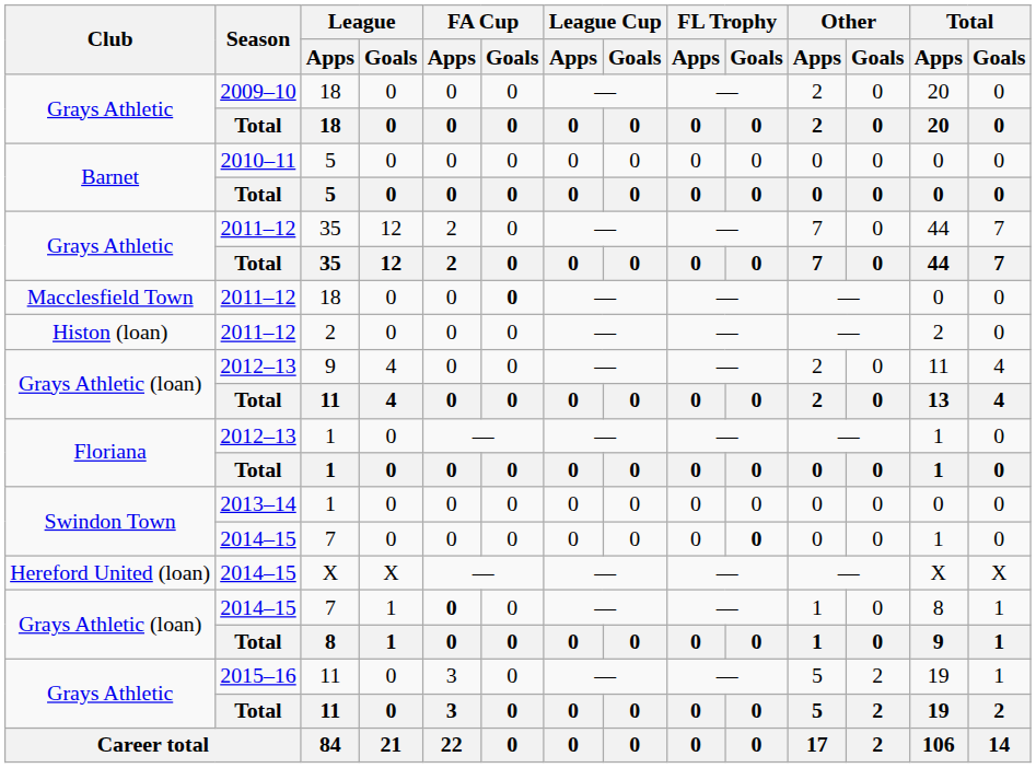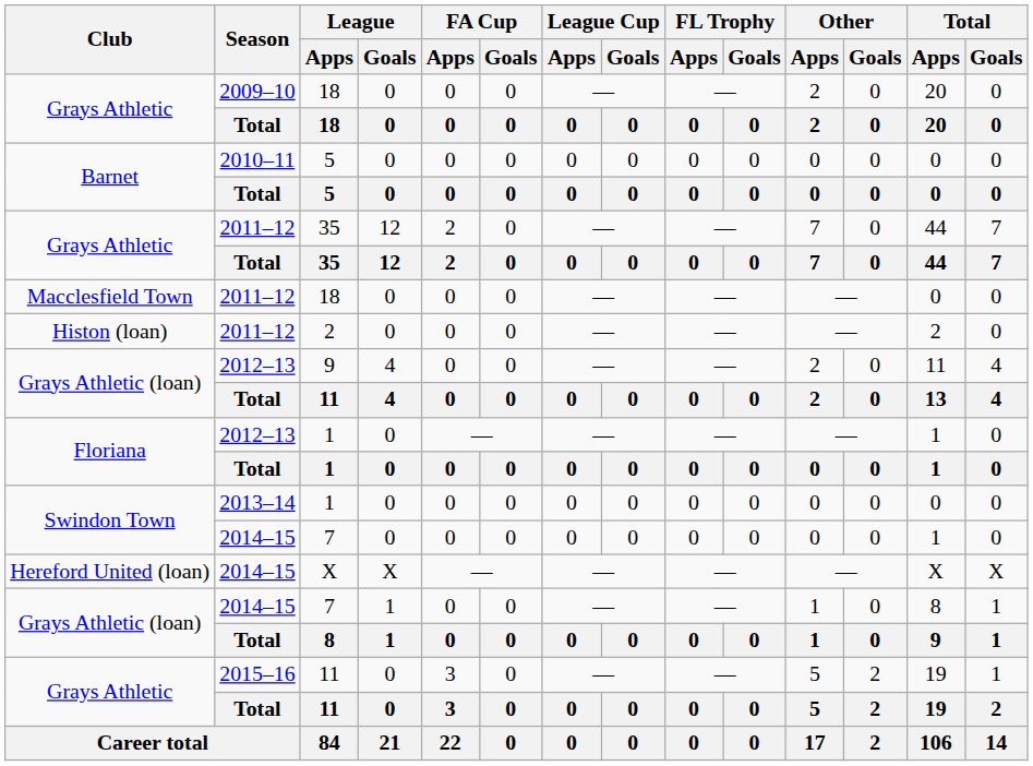 <table class="wikitable" style="text-align: center">
 <tr>
 <th rowspan=2>Club</th>
 <th rowspan=2>Season</th>
 <th colspan=2>League</th>
 <th colspan=2>FA Cup</th>
 <th colspan=2>League Cup</th>
 <th colspan=2>FL Trophy</th>
 <th colspan=2>Other</th>
 <th colspan=2>Total</th>
 </tr>
 <tr>
 <th>Apps</th>
 <th>Goals</th>
 <th>Apps</th>
 <th>Goals</th>
 <th>Apps</th>
 <th>Goals</th>
 <th>Apps</th>
 <th>Goals</th>
 <th>Apps</th>
 <th>Goals</th>
 <th>Apps</th>
 <th>Goals</th>
 </tr>
 <tr>
 <td rowspan="2"><a href='#'>Grays Athletic</a></td>
 <td><a href='#'>2009–10</a></td>
 <td>18</td>
 <td>0</td>
 <td>0</td>
 <td>0</td>
 <td colspan="2">—</td>
 <td colspan="2">—</td>
 <td>2</td>
 <td>0</td>
 <td>20</td>
 <td>0</td>
 </tr>
 <tr>
 <th>Total</th>
 <th>18</th>
 <th>0</th>
 <th>0</th>
 <th>0</th>
 <th>0</th>
 <th>0</th>
 <th>0</th>
 <th>0</th>
 <th>2</th>
 <th>0</th>
 <th>20</th>
 <th>0</th>
 </tr>
 <tr>
 <td rowspan="2"><a href='#'>Barnet</a></td>
 <td><a href='#'>2010–11</a></td>
 <td>5</td>
 <td>0</td>
 <td>0</td>
 <td>0</td>
 <td>0</td>
 <td>0</td>
 <td>0</td>
 <td>0</td>
 <td>0</td>
 <td>0</td>
 <td>0</td>
 <td>0</td>
 </tr>
 <tr>
 <th>Total</th>
 <th>5</th>
 <th>0</th>
 <th>0</th>
 <th>0</th>
 <th>0</th>
 <th>0</th>
 <th>0</th>
 <th>0</th>
 <th>0</th>
 <th>0</th>
 <th>0</th>
 <th>0</th>
 </tr>
 <tr>
 <td rowspan="2"><a href='#'>Grays Athletic</a></td>
 <td><a href='#'>2011–12</a></td>
 <td>35</td>
 <td>12</td>
 <td>2</td>
 <td>0</td>
 <td colspan="2">—</td>
 <td colspan="2">—</td>
 <td>7</td>
 <td>0</td>
 <td>44</td>
 <td>7</td>
 </tr>
 <tr>
 <th>Total</th>
 <th>35</th>
 <th>12</th>
 <th>2</th>
 <th>0</th>
 <th>0</th>
 <th>0</th>
 <th>0</th>
 <th>0</th>
 <th>7</th>
 <th>0</th>
 <th>44</th>
 <th>7</th>
 </tr>
 <tr>
 <td rowspan="1"><a href='#'>Macclesfield Town</a></td>
 <td><a href='#'>2011–12</a></td>
 <td>18</td>
 <td>0</td>
 <td>0</td>
-<td><strong>0</strong></td>
+<td>0</td>
 <td colspan="2">—</td>
 <td colspan="2">—</td>
 <td colspan="2">—</td>
 <td>0</td>
 <td>0</td>
 </tr>
 <tr>
 <td style="vertical-align:center;"><a href='#'>Histon</a> (loan)</td>
 <td><a href='#'>2011–12</a></td>
 <td>2</td>
 <td>0</td>
 <td>0</td>
 <td>0</td>
 <td colspan="2">—</td>
 <td colspan="2">—</td>
 <td colspan="2">—</td>
 <td>2</td>
 <td>0</td>
 </tr>
 <tr>
 <td rowspan="2"><a href='#'>Grays Athletic</a> (loan)</td>
 <td><a href='#'>2012–13</a></td>
 <td>9</td>
 <td>4</td>
 <td>0</td>
 <td>0</td>
 <td colspan="2">—</td>
 <td colspan="2">—</td>
 <td>2</td>
 <td>0</td>
 <td>11</td>
 <td>4</td>
 </tr>
 <tr>
 <th>Total</th>
 <th>11</th>
 <th>4</th>
 <th>0</th>
 <th>0</th>
 <th>0</th>
 <th>0</th>
 <th>0</th>
 <th>0</th>
 <th>2</th>
 <th>0</th>
 <th>13</th>
 <th>4</th>
 </tr>
 <tr>
 <td rowspan="2"><a href='#'>Floriana</a></td>
 <td><a href='#'>2012–13</a></td>
 <td>1</td>
 <td>0</td>
 <td colspan="2">—</td>
 <td colspan="2">—</td>
 <td colspan="2">—</td>
 <td colspan="2">—</td>
 <td>1</td>
 <td>0</td>
 </tr>
 <tr>
 <th>Total</th>
 <th>1</th>
 <th>0</th>
 <th>0</th>
 <th>0</th>
 <th>0</th>
 <th>0</th>
 <th>0</th>
 <th>0</th>
 <th>0</th>
 <th>0</th>
 <th>1</th>
 <th>0</th>
 </tr>
 <tr>
 <td rowspan="2"><a href='#'>Swindon Town</a></td>
 <td><a href='#'>2013–14</a></td>
 <td>1</td>
 <td>0</td>
 <td>0</td>
 <td>0</td>
 <td>0</td>
 <td>0</td>
 <td>0</td>
 <td>0</td>
 <td>0</td>
 <td>0</td>
 <td>0</td>
 <td>0</td>
 </tr>
 <tr>
 <td><a href='#'>2014–15</a></td>
 <td>7</td>
 <td>0</td>
 <td>0</td>
 <td>0</td>
 <td>0</td>
 <td>0</td>
 <td>0</td>
-<td><strong>0</strong></td>
+<td>0</td>
 <td>0</td>
 <td>0</td>
 <td>1</td>
 <td>0</td>
 </tr>
 <tr>
 <td style="vertical-align:center;"><a href='#'>Hereford United</a> (loan)</td>
 <td><a href='#'>2014–15</a></td>
 <td>X</td>
 <td>X</td>
 <td colspan="2">—</td>
 <td colspan="2">—</td>
 <td colspan="2">—</td>
 <td colspan="2">—</td>
 <td>X</td>
 <td>X</td>
 </tr>
 <tr>
 <td rowspan="2"><a href='#'>Grays Athletic</a> (loan)</td>
 <td><a href='#'>2014–15</a></td>
 <td>7</td>
 <td>1</td>
-<td><strong>0</strong></td>
+<td>0</td>
 <td>0</td>
 <td colspan="2">—</td>
 <td colspan="2">—</td>
 <td>1</td>
 <td>0</td>
 <td>8</td>
 <td>1</td>
 </tr>
 <tr>
 <th>Total</th>
 <th>8</th>
 <th>1</th>
 <th>0</th>
 <th>0</th>
 <th>0</th>
 <th>0</th>
 <th>0</th>
 <th>0</th>
 <th>1</th>
 <th>0</th>
 <th>9</th>
 <th>1</th>
 </tr>
 <tr>
 <td rowspan="2"><a href='#'>Grays Athletic</a></td>
 <td><a href='#'>2015–16</a></td>
 <td>11</td>
 <td>0</td>
 <td>3</td>
 <td>0</td>
 <td colspan="2">—</td>
 <td colspan="2">—</td>
 <td>5</td>
 <td>2</td>
 <td>19</td>
 <td>1</td>
 </tr>
 <tr>
 <th>Total</th>
 <th>11</th>
 <th>0</th>
 <th>3</th>
 <th>0</th>
 <th>0</th>
 <th>0</th>
 <th>0</th>
 <th>0</th>
 <th>5</th>
 <th>2</th>
 <th>19</th>
 <th>2</th>
 </tr>
 <tr>
 <th colspan="2">Career total</th>
 <th>84</th>
 <th>21</th>
 <th>22</th>
 <th>0</th>
 <th>0</th>
 <th>0</th>
 <th>0</th>
 <th>0</th>
 <th>17</th>
 <th>2</th>
 <th>106</th>
 <th>14</th>
 </tr>
 </table>
